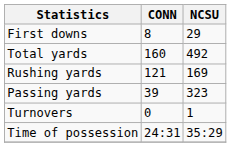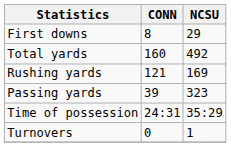 <table class="wikitable">
 <tr>
 <th>Statistics</th>
 <th>CONN</th>
 <th>NCSU</th>
 </tr>
 <tr>
 <td>First downs</td>
 <td>8</td>
 <td>29</td>
 </tr>
 <tr>
 <td>Total yards</td>
 <td>160</td>
 <td>492</td>
 </tr>
 <tr>
 <td>Rushing yards</td>
 <td>121</td>
 <td>169</td>
 </tr>
 <tr>
 <td>Passing yards</td>
 <td>39</td>
 <td>323</td>
 </tr>
 <tr>
+<td>Time of possession</td>
+<td>24:31</td>
+<td>35:29</td>
+</tr>
+<tr>
 <td>Turnovers</td>
 <td>0</td>
 <td>1</td>
 </tr>
 <tr>
-<td>Time of possession</td>
-<td>24:31</td>
-<td>35:29</td>
-</tr>
-<tr>
 </tr>
 </table>
